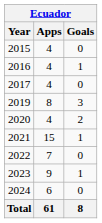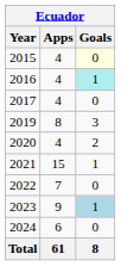 <table class="wikitable" style="text-align:center">
 <tr>
 <th colspan=4><a href='#'>Ecuador</a></th>
 </tr>
 <tr>
 <th>Year</th>
 <th>Apps</th>
 <th>Goals</th>
 </tr>
 <tr>
 <td>2015</td>
 <td>4</td>
-<td>0</td>
+<td style="background: lightyellow;">0</td>
 </tr>
 <tr>
 <td>2016</td>
 <td>4</td>
-<td>1</td>
+<td style="background: paleturquoise;">1</td>
 </tr>
 <tr>
 <td>2017</td>
 <td>4</td>
 <td>0</td>
 </tr>
 <tr>
 <td>2019</td>
 <td>8</td>
 <td>3</td>
 </tr>
 <tr>
 <td>2020</td>
 <td>4</td>
 <td>2</td>
 </tr>
 <tr>
 <td>2021</td>
 <td>15</td>
 <td>1</td>
 </tr>
 <tr>
 <td>2022</td>
 <td>7</td>
 <td>0</td>
 </tr>
 <tr>
 <td>2023</td>
 <td>9</td>
-<td>1</td>
+<td style="background: lightblue;">1</td>
 </tr>
 <tr>
 <td>2024</td>
 <td>6</td>
 <td>0</td>
 </tr>
 <tr>
 <th>Total</th>
 <th>61</th>
 <th>8</th>
 </tr>
 </table>
